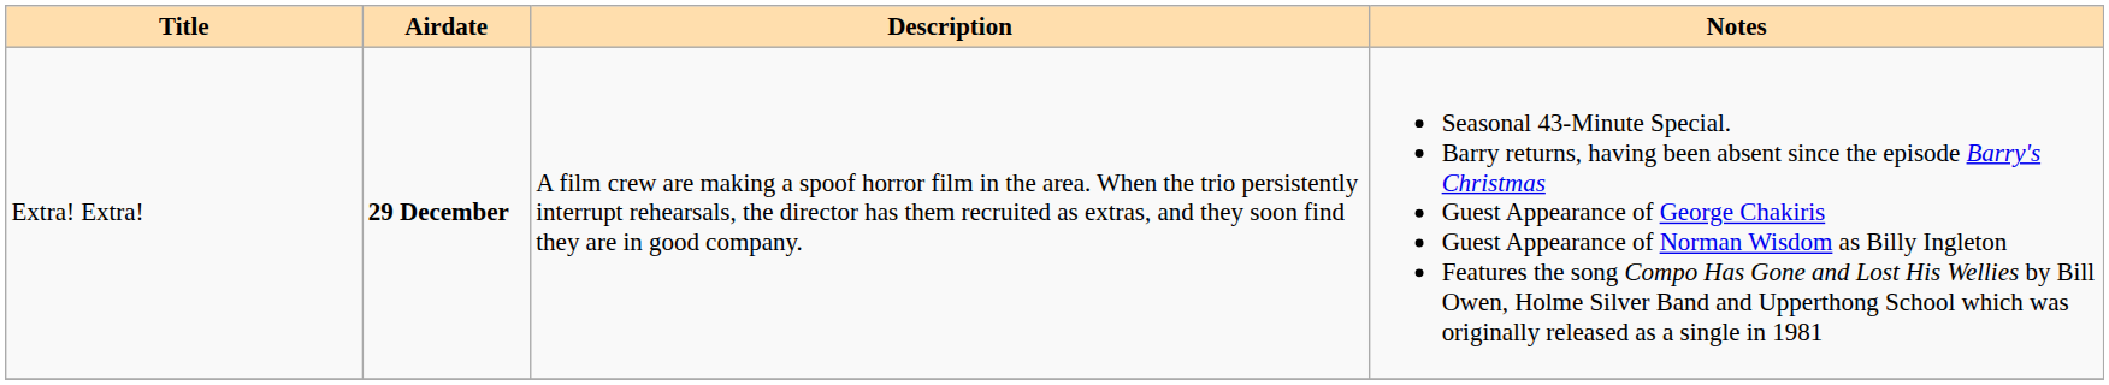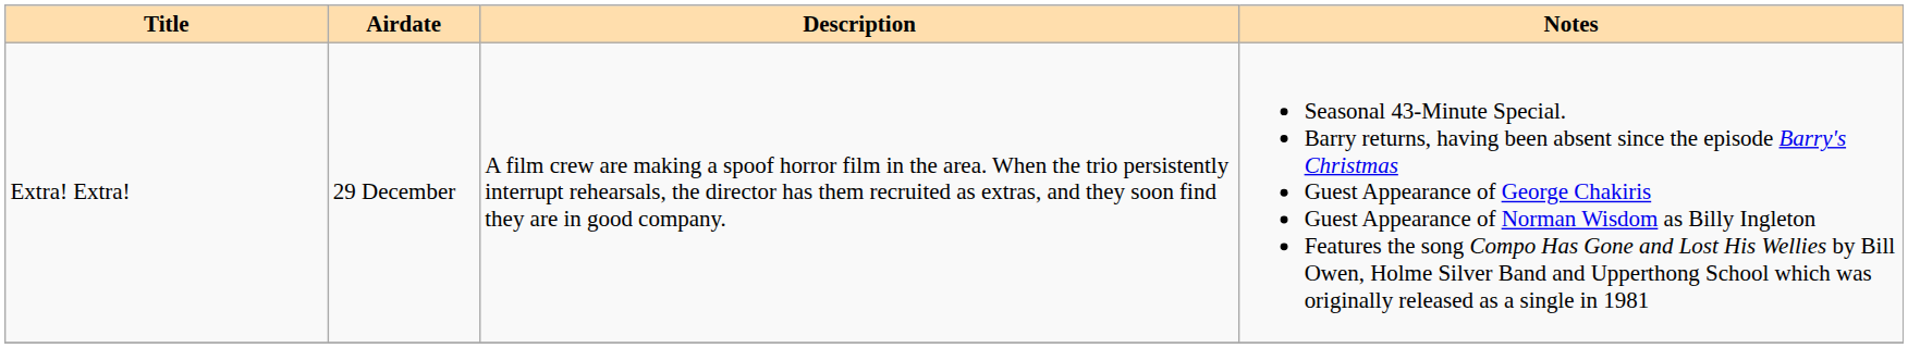 <table class="wikitable" width=100% border=1 style="font-size: 95%">
 <tr>
 <th style="background:#ffdead" width=17%>Title</th>
 <th style="background:#ffdead" width=8%>Airdate</th>
 <th style="background:#ffdead" width=40%>Description</th>
 <th style="background:#ffdead" width=35%>Notes</th>
 </tr>
 <tr>
 <td>Extra! Extra!</td>
-<td><strong>29 December</strong></td>
+<td>29 December</td>
 <td>A film crew are making a spoof horror film in the area.  When the trio persistently interrupt rehearsals, the director has them recruited as extras, and they soon find they are in good company.</td>
 <td><br><ul><li>Seasonal 43-Minute Special.</li><li>Barry returns, having been absent since the episode <a href='#'><em>Barry's Christmas</em></a></li><li>Guest Appearance of <a href='#'>George Chakiris</a></li><li>Guest Appearance of <a href='#'>Norman Wisdom</a> as Billy Ingleton</li><li>Features the song <em>Compo Has Gone and Lost His Wellies</em> by Bill Owen, Holme Silver Band and Upperthong School which was originally released as a single in 1981</li></ul></td>
 </tr>
 <tr>
 </tr>
 </table>
